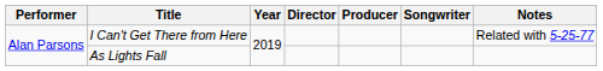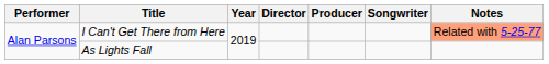 <table class="wikitable">
 <tr>
 <th>Performer</th>
 <th>Title</th>
 <th>Year</th>
 <th>Director</th>
 <th>Producer</th>
 <th>Songwriter</th>
 <th>Notes</th>
 </tr>
 <tr>
 <td rowspan="2"><a href='#'>Alan Parsons</a></td>
 <td><em>I Can't Get There from Here</em></td>
 <td rowspan="2">2019</td>
 <td></td>
 <td></td>
 <td></td>
-<td>Related with <em><a href='#'>5-25-77</a></em></td>
+<td style="background: lightsalmon;">Related with <em><a href='#'>5-25-77</a></em></td>
 </tr>
 <tr>
 <td><em>As Lights Fall</em></td>
 <td></td>
 <td></td>
 <td></td>
 <td></td>
 </tr>
 </table>
